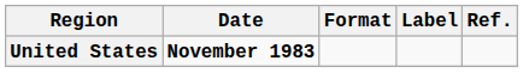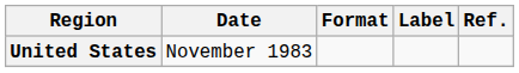 <table class="wikitable plainrowheaders">
 <tr>
 <th scope="col">Region</th>
 <th scope="col">Date</th>
 <th scope="col">Format</th>
 <th scope="col">Label</th>
 <th scope="col">Ref.</th>
 </tr>
 <tr>
 <th scope="row">United States</th>
-<td><strong>November 1983</strong></td>
+<td>November 1983</td>
 <td></td>
 <td></td>
 <td></td>
 </tr>
 <tr>
 </tr>
 </table>
